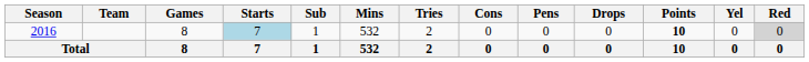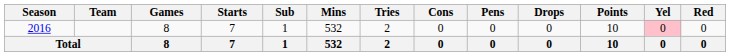 <table class="wikitable" style="text-align:center; line-height:90%; font-size:95%; width:60%;">
 <tr>
 <th>Season</th>
 <th>Team</th>
 <th>Games</th>
 <th>Starts</th>
 <th>Sub</th>
 <th>Mins</th>
 <th>Tries</th>
 <th>Cons</th>
 <th>Pens</th>
 <th>Drops</th>
 <th>Points</th>
 <th>Yel</th>
 <th>Red</th>
 </tr>
 <tr>
 <td><a href='#'>2016</a></td>
 <td></td>
 <td>8</td>
-<td style="background: lightblue;">7</td>
+<td>7</td>
 <td>1</td>
 <td>532</td>
 <td>2</td>
 <td>0</td>
 <td>0</td>
 <td>0</td>
-<td><strong>10</strong></td>
+<td>10</td>
+<td style="background: pink;">0</td>
 <td>0</td>
-<td style="background: lightgrey;">0</td>
 </tr>
 <tr>
 <th colspan="2">Total</th>
 <th>8</th>
 <th>7</th>
 <th>1</th>
 <th>532</th>
 <th>2</th>
 <th>0</th>
 <th>0</th>
 <th>0</th>
 <th>10</th>
 <th>0</th>
 <th>0</th>
 </tr>
 </table>
